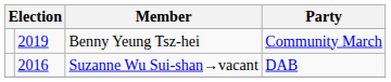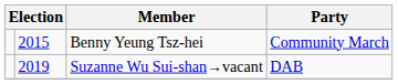 <table class="wikitable">
 <tr>
 <th colspan="2">Election</th>
 <th>Member</th>
 <th>Party</th>
 </tr>
 <tr>
 <td style="background-color: "></td>
-<td><a href='#'>2019</a></td>
+<td><a href='#'>2015</a></td>
 <td>Benny Yeung Tsz-hei</td>
 <td><a href='#'>Community March</a></td>
 </tr>
 <tr>
 <td style="background-color: "></td>
-<td><a href='#'>2016</a></td>
+<td><a href='#'>2019</a></td>
 <td><a href='#'>Suzanne Wu Sui-shan</a>→vacant</td>
 <td><a href='#'>DAB</a></td>
 </tr>
 <tr>
 </tr>
 </table>
